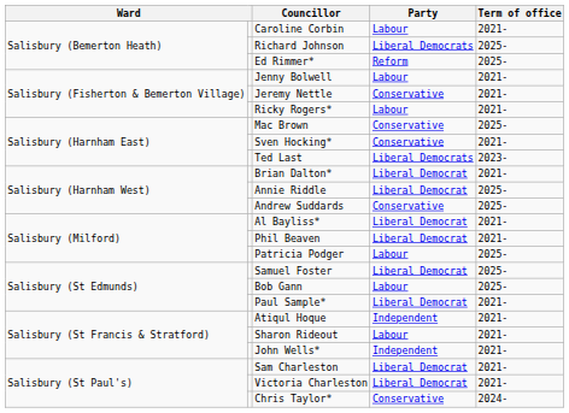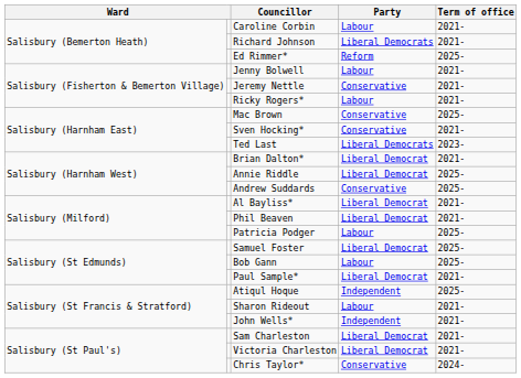 <table class="wikitable">
 <tr>
 <th colspan=2>Ward</th>
 <th>Councillor</th>
 <th>Party</th>
 <th>Term of office</th>
 </tr>
 <tr>
 <td rowspan="3">Salisbury (Bemerton Heath)</td>
 <td style="background-color: "></td>
 <td>Caroline Corbin</td>
 <td><a href='#'>Labour</a></td>
 <td>2021-</td>
 </tr>
 <tr>
 <td style="background-color: "></td>
 <td>Richard Johnson</td>
 <td><a href='#'>Liberal Democrats</a></td>
-<td>2025-</td>
+<td>2021-</td>
 </tr>
 <tr>
 <td style="background-color: "></td>
 <td>Ed Rimmer*</td>
 <td><a href='#'>Reform</a></td>
 <td>2025-</td>
 </tr>
 <tr>
 <td rowspan="3">Salisbury (Fisherton & Bemerton Village)</td>
 <td style="background-color: "></td>
 <td>Jenny Bolwell</td>
 <td><a href='#'>Labour</a></td>
 <td>2021-</td>
 </tr>
 <tr>
 <td style="background-color: "></td>
 <td>Jeremy Nettle</td>
 <td><a href='#'>Conservative</a></td>
 <td>2021-</td>
 </tr>
 <tr>
 <td style="background-color: "></td>
 <td>Ricky Rogers*</td>
 <td><a href='#'>Labour</a></td>
 <td>2021-</td>
 </tr>
 <tr>
 <td rowspan="3">Salisbury (Harnham East)</td>
 <td style="background-color: "></td>
 <td>Mac Brown</td>
 <td><a href='#'>Conservative</a></td>
 <td>2025-</td>
 </tr>
 <tr>
 <td style="background-color: "></td>
 <td>Sven Hocking*</td>
 <td><a href='#'>Conservative</a></td>
 <td>2021-</td>
 </tr>
 <tr>
 <td style="background-color: "></td>
 <td>Ted Last</td>
 <td><a href='#'>Liberal Democrats</a></td>
 <td>2023-</td>
 </tr>
 <tr>
 <td rowspan="3">Salisbury (Harnham West)</td>
 <td style="background-color: "></td>
 <td>Brian Dalton*</td>
 <td><a href='#'>Liberal Democrat</a></td>
 <td>2021-</td>
 </tr>
 <tr>
 <td style="background-color: "></td>
 <td>Annie Riddle</td>
 <td><a href='#'>Liberal Democrat</a></td>
 <td>2025-</td>
 </tr>
 <tr>
 <td style="background-color: "></td>
 <td>Andrew Suddards</td>
 <td><a href='#'>Conservative</a></td>
 <td>2025-</td>
 </tr>
 <tr>
 <td rowspan="3">Salisbury (Milford)</td>
 <td style="background-color: "></td>
 <td>Al Bayliss*</td>
 <td><a href='#'>Liberal Democrat</a></td>
 <td>2021-</td>
 </tr>
 <tr>
 <td style="background-color: "></td>
 <td>Phil Beaven</td>
 <td><a href='#'>Liberal Democrat</a></td>
 <td>2021-</td>
 </tr>
 <tr>
 <td style="background-color: "></td>
 <td>Patricia Podger</td>
 <td><a href='#'>Labour</a></td>
 <td>2025-</td>
 </tr>
 <tr>
 <td rowspan="3">Salisbury (St Edmunds)</td>
 <td style="background-color: "></td>
 <td>Samuel Foster</td>
 <td><a href='#'>Liberal Democrat</a></td>
 <td>2025-</td>
 </tr>
 <tr>
 <td style="background-color: "></td>
 <td>Bob Gann</td>
 <td><a href='#'>Labour</a></td>
 <td>2025-</td>
 </tr>
 <tr>
 <td style="background-color: "></td>
 <td>Paul Sample*</td>
 <td><a href='#'>Liberal Democrat</a></td>
 <td>2021-</td>
 </tr>
 <tr>
 <td rowspan="3">Salisbury (St Francis & Stratford)</td>
 <td style="background-color: "></td>
 <td>Atiqul Hoque</td>
 <td><a href='#'>Independent</a></td>
-<td>2021-</td>
+<td>2025-</td>
 </tr>
 <tr>
 <td style="background-color: "></td>
 <td>Sharon Rideout</td>
 <td><a href='#'>Labour</a></td>
 <td>2021-</td>
 </tr>
 <tr>
 <td style="background-color: "></td>
 <td>John Wells*</td>
 <td><a href='#'>Independent</a></td>
 <td>2021-</td>
 </tr>
 <tr>
 <td rowspan="3">Salisbury (St Paul's)</td>
 <td style="background-color: "></td>
 <td>Sam Charleston</td>
 <td><a href='#'>Liberal Democrat</a></td>
 <td>2021-</td>
 </tr>
 <tr>
 <td style="background-color: "></td>
 <td>Victoria Charleston</td>
 <td><a href='#'>Liberal Democrat</a></td>
 <td>2021-</td>
 </tr>
 <tr>
 <td style="background-color: "></td>
 <td>Chris Taylor*</td>
 <td><a href='#'>Conservative</a></td>
 <td>2024-</td>
 </tr>
 </table>
